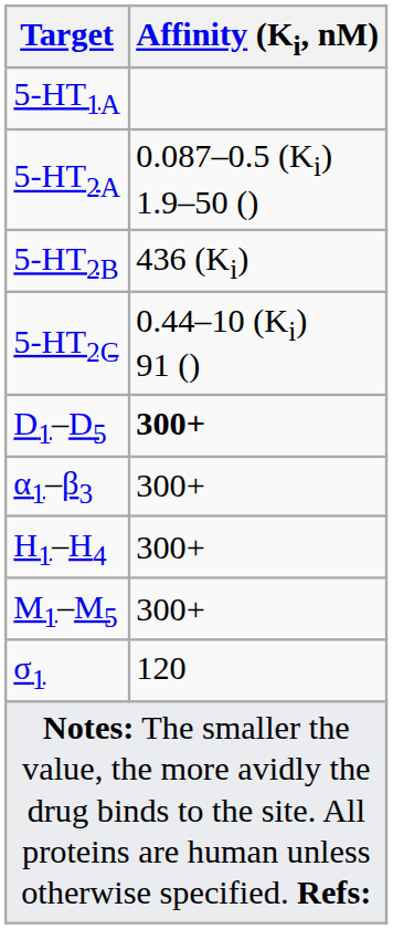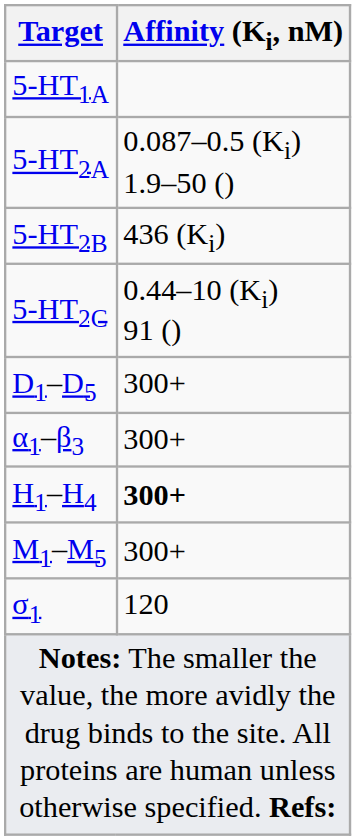 <table class="wikitable floatleft sortable" style="font-size:small;">
 <tr>
 <th data-sort-type=number><a href='#'>Target</a></th>
 <th><a href='#'>Affinity</a> (K<sub>i</sub>, nM)</th>
 </tr>
 <tr>
 <td><a href='#'>5-HT<sub>1A</sub></a></td>
 <td></td>
 </tr>
 <tr>
 <td><a href='#'>5-HT<sub>2A</sub></a></td>
 <td>0.087–0.5 (K<sub>i</sub>)<br>1.9–50 ()</td>
 </tr>
 <tr>
 <td><a href='#'>5-HT<sub>2B</sub></a></td>
 <td>436 (K<sub>i</sub>)</td>
 </tr>
 <tr>
 <td><a href='#'>5-HT<sub>2C</sub></a></td>
 <td>0.44–10 (K<sub>i</sub>)<br>91 ()</td>
 </tr>
 <tr>
 <td><a href='#'>D<sub>1</sub></a>–<a href='#'>D<sub>5</sub></a></td>
-<td><strong>300+</strong></td>
+<td>300+</td>
 </tr>
 <tr>
 <td><a href='#'>α<sub>1</sub></a>–<a href='#'>β<sub>3</sub></a></td>
 <td>300+</td>
 </tr>
 <tr>
 <td><a href='#'>H<sub>1</sub></a>–<a href='#'>H<sub>4</sub></a></td>
-<td>300+ </td>
+<td><strong>300+ </strong></td>
 </tr>
 <tr>
 <td><a href='#'>M<sub>1</sub></a>–<a href='#'>M<sub>5</sub></a></td>
 <td>300+</td>
 </tr>
 <tr>
 <td><a href='#'>σ<sub>1</sub></a></td>
 <td>120</td>
 </tr>
 <tr class="sortbottom">
 <td colspan="2" style="width: 1px; background-color:#eaecf0; text-align: center;"><strong>Notes:</strong> The smaller the value, the more avidly the drug binds to the site. All proteins are human unless otherwise specified. <strong>Refs:</strong> </td>
 </tr>
 </table>
